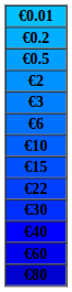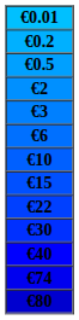 <table border=1 cellspacing=0 cellpadding=1 width=65px|->
 <tr>
 <td bgcolor="#00C0FF" align=center><span><strong>€0.01</strong></span></td>
 </tr>
 <tr>
 <td bgcolor="#00B0FF" align=center><span><strong>€0.2</strong></span></td>
 </tr>
 <tr>
 <td bgcolor="#00A0FF" align=center><span><strong>€0.5</strong></span></td>
 </tr>
 <tr>
 <td bgcolor="#0090FF" align=center><span><strong>€2</strong></span></td>
 </tr>
 <tr>
 <td bgcolor="#0080FF" align=center><span><strong>€3</strong></span></td>
 </tr>
 <tr>
 <td bgcolor="#0070FF" align=center><span><strong>€6</strong></span></td>
 </tr>
 <tr>
 <td bgcolor="#0060FF" align=center><span><strong>€10</strong></span></td>
 </tr>
 <tr>
 <td bgcolor="#0050FF" align=center><span><strong>€15</strong></span></td>
 </tr>
 <tr>
 <td bgcolor="#0040FF" align=center><span><strong>€22</strong></span></td>
 </tr>
 <tr>
 <td bgcolor="#0030FF" align=center><span><strong>€30</strong></span></td>
 </tr>
 <tr>
 <td bgcolor="#0000FF" align=center><span><strong>€40</strong></span></td>
 </tr>
 <tr>
-<td bgcolor="#0000EF" align=center><span><strong>€60</strong></span></td>
+<td bgcolor="#0000EF" align=center><span><strong>€74</strong></span></td>
 </tr>
 <tr>
 <td bgcolor="#0000CF" align=center><span><strong>€80</strong></span></td>
 </tr>
 <tr>
 </tr>
 </table>
